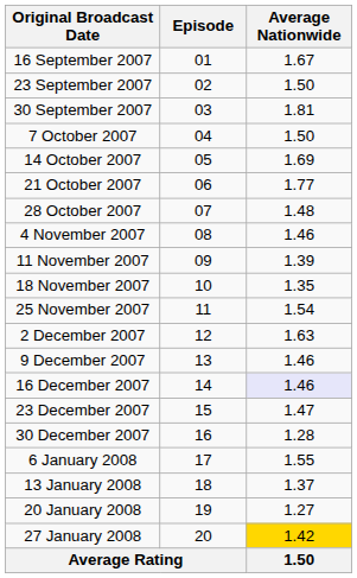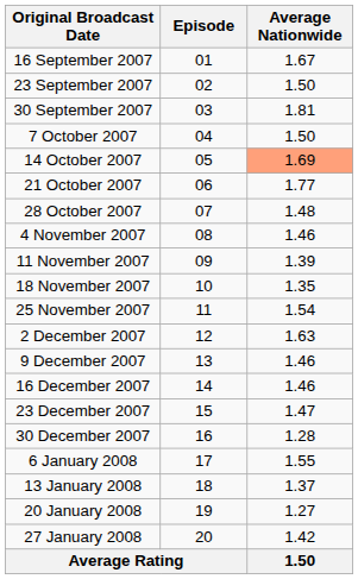 <table class="wikitable" style="text-align:center">
 <tr>
 <th width=150>Original Broadcast Date</th>
 <th width=80>Episode</th>
 <th width=100>Average Nationwide</th>
 </tr>
 <tr>
 <td>16 September 2007</td>
 <td>01</td>
 <td>1.67</td>
 </tr>
 <tr>
 <td>23 September 2007</td>
 <td>02</td>
 <td>1.50</td>
 </tr>
 <tr>
 <td>30 September 2007</td>
 <td>03</td>
 <td><span>1.81</span></td>
 </tr>
 <tr>
 <td>7 October 2007</td>
 <td>04</td>
 <td>1.50</td>
 </tr>
 <tr>
 <td>14 October 2007</td>
 <td>05</td>
-<td>1.69</td>
+<td style="background: lightsalmon;">1.69</td>
 </tr>
 <tr>
 <td>21 October 2007</td>
 <td>06</td>
 <td>1.77</td>
 </tr>
 <tr>
 <td>28 October 2007</td>
 <td>07</td>
 <td>1.48</td>
 </tr>
 <tr>
 <td>4 November 2007</td>
 <td>08</td>
 <td>1.46</td>
 </tr>
 <tr>
 <td>11 November 2007</td>
 <td>09</td>
 <td>1.39</td>
 </tr>
 <tr>
 <td>18 November 2007</td>
 <td>10</td>
 <td>1.35</td>
 </tr>
 <tr>
 <td>25 November 2007</td>
 <td>11</td>
 <td>1.54</td>
 </tr>
 <tr>
 <td>2 December 2007</td>
 <td>12</td>
 <td>1.63</td>
 </tr>
 <tr>
 <td>9 December 2007</td>
 <td>13</td>
 <td>1.46</td>
 </tr>
 <tr>
 <td>16 December 2007</td>
 <td>14</td>
-<td style="background: lavender;">1.46</td>
+<td>1.46</td>
 </tr>
 <tr>
 <td>23 December 2007</td>
 <td>15</td>
 <td>1.47</td>
 </tr>
 <tr>
 <td>30 December 2007</td>
 <td>16</td>
 <td>1.28</td>
 </tr>
 <tr>
 <td>6 January 2008</td>
 <td>17</td>
 <td>1.55</td>
 </tr>
 <tr>
 <td>13 January 2008</td>
 <td>18</td>
 <td>1.37</td>
 </tr>
 <tr>
 <td>20 January 2008</td>
 <td>19</td>
 <td><span>1.27</span></td>
 </tr>
 <tr>
 <td>27 January 2008</td>
 <td>20</td>
-<td style="background: gold;">1.42</td>
+<td>1.42</td>
 </tr>
 <tr>
 <th colspan=2>Average Rating</th>
 <th>1.50</th>
 </tr>
 </table>
